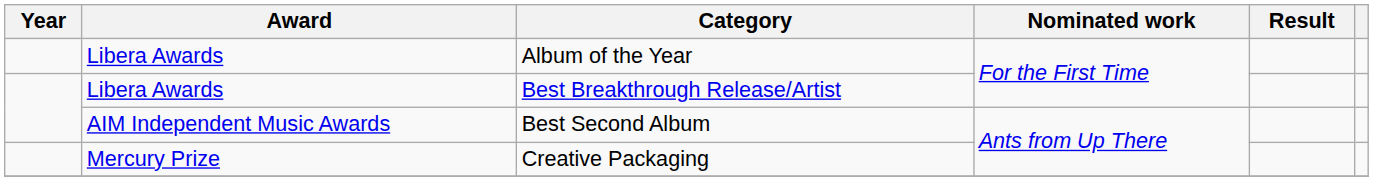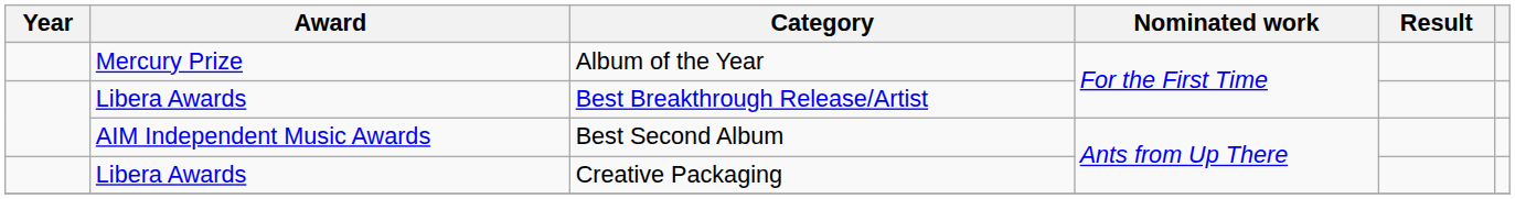 <table class="wikitable sortable plainrowheaders" style="width: 80%;">
 <tr>
 <th scope="col">Year</th>
 <th scope="col">Award</th>
 <th scope="col">Category</th>
 <th scope="col">Nominated work</th>
 <th scope="col">Result</th>
 <th scope="col" class="unsortable"></th>
 </tr>
 <tr>
 <td></td>
-<td><a href='#'>Libera Awards</a></td>
+<td><a href='#'>Mercury Prize</a></td>
 <td>Album of the Year</td>
 <td rowspan="2"><em><a href='#'>For the First Time</a></em></td>
 <td></td>
 <td style="text-align:center;"></td>
 </tr>
 <tr>
 <td rowspan="2"></td>
 <td><a href='#'>Libera Awards</a></td>
 <td><a href='#'>Best Breakthrough Release/Artist</a></td>
 <td></td>
 <td style="text-align:center;"></td>
 </tr>
 <tr>
 <td><a href='#'>AIM Independent Music Awards</a></td>
 <td>Best Second Album</td>
 <td rowspan="2"><em><a href='#'>Ants from Up There</a></em></td>
 <td></td>
 <td style="text-align:center;"></td>
 </tr>
 <tr>
 <td></td>
-<td><a href='#'>Mercury Prize</a></td>
+<td><a href='#'>Libera Awards</a></td>
 <td>Creative Packaging</td>
 <td></td>
 <td align="center"></td>
 </tr>
 <tr>
 </tr>
 </table>
